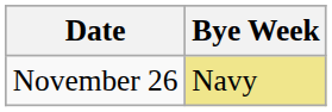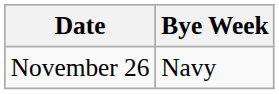 <table class="wikitable" style="font-size:95%;">
 <tr>
 <th>Date</th>
 <th colspan="3">Bye Week</th>
 </tr>
 <tr>
 <td>November 26</td>
-<td style="background: khaki;">Navy</td>
+<td>Navy</td>
 </tr>
 </table>
